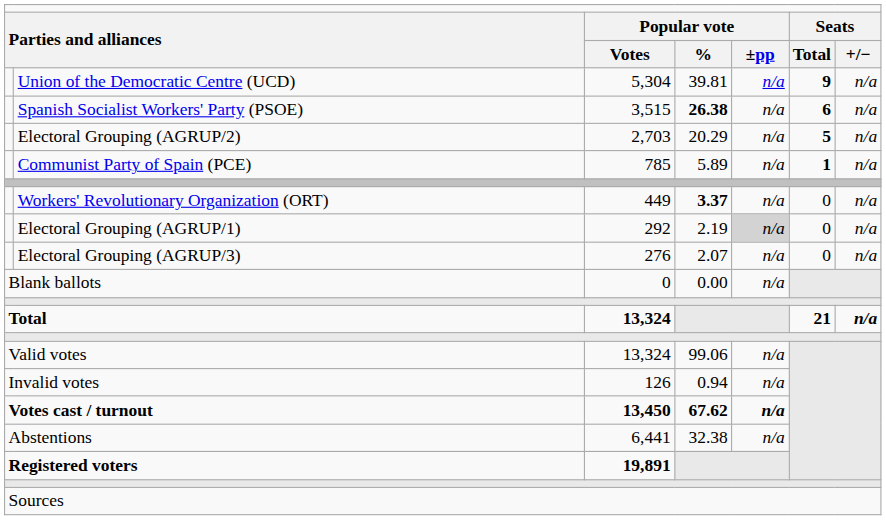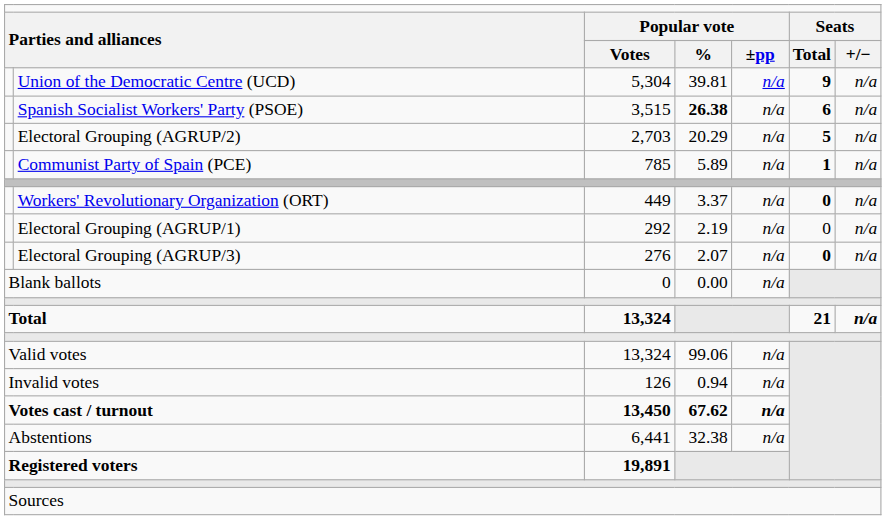 <table class="wikitable" style="text-align:right;">
 <tr>
 <td colspan="7"></td>
 </tr>
 <tr>
 <th style="text-align:left;" rowspan="2" colspan="2" width="525">Parties and alliances</th>
 <th colspan="3">Popular vote</th>
 <th colspan="2">Seats</th>
 </tr>
 <tr>
 <th width="75">Votes</th>
 <th width="45">%</th>
 <th width="45">±<a href='#'>pp</a></th>
 <th width="35">Total</th>
 <th width="35">+/−</th>
 </tr>
 <tr>
 <td width="1" style="color:inherit;background:"></td>
 <td align="left"><a href='#'>Union of the Democratic Centre</a> (UCD)</td>
 <td>5,304</td>
 <td>39.81</td>
 <td><em><a href='#'>n/a</a></em></td>
 <td><strong>9</strong></td>
 <td><em>n/a</em></td>
 </tr>
 <tr>
 <td style="color:inherit;background:"></td>
 <td align="left"><a href='#'>Spanish Socialist Workers' Party</a> (PSOE)</td>
 <td>3,515</td>
 <td><strong>26.38</strong></td>
 <td><em>n/a</em></td>
 <td><strong>6</strong></td>
 <td><em>n/a</em></td>
 </tr>
 <tr>
 <td style="color:inherit;background:"></td>
 <td align="left">Electoral Grouping (AGRUP/2)</td>
 <td>2,703</td>
 <td>20.29</td>
 <td><em>n/a</em></td>
 <td><strong>5</strong></td>
 <td><em>n/a</em></td>
 </tr>
 <tr>
 <td style="color:inherit;background:"></td>
 <td align="left"><a href='#'>Communist Party of Spain</a> (PCE)</td>
 <td>785</td>
 <td>5.89</td>
 <td><em>n/a</em></td>
 <td><strong>1</strong></td>
 <td><em>n/a</em></td>
 </tr>
 <tr>
 <td colspan="7" bgcolor="#C0C0C0"></td>
 </tr>
 <tr>
 <td style="color:inherit;background:"></td>
 <td align="left"><a href='#'>Workers' Revolutionary Organization</a> (ORT)</td>
 <td>449</td>
-<td><strong>3.37</strong></td>
+<td>3.37</td>
 <td><em>n/a</em></td>
-<td>0</td>
+<td><strong>0</strong></td>
 <td><em>n/a</em></td>
 </tr>
 <tr>
 <td style="color:inherit;background:"></td>
 <td align="left">Electoral Grouping (AGRUP/1)</td>
 <td>292</td>
 <td>2.19</td>
-<td style="background: lightgrey;"><em>n/a</em></td>
+<td><em>n/a</em></td>
 <td>0</td>
 <td><em>n/a</em></td>
 </tr>
 <tr>
 <td style="color:inherit;background:"></td>
 <td align="left">Electoral Grouping (AGRUP/3)</td>
 <td>276</td>
 <td>2.07</td>
 <td><em>n/a</em></td>
-<td>0</td>
+<td><strong>0</strong></td>
 <td><em>n/a</em></td>
 </tr>
 <tr>
 <td align="left" colspan="2">Blank ballots</td>
 <td>0</td>
 <td>0.00</td>
 <td><em>n/a</em></td>
 <td bgcolor="#E9E9E9" colspan="2"></td>
 </tr>
 <tr>
 <td colspan="7" bgcolor="#E9E9E9"></td>
 </tr>
 <tr style="font-weight:bold;">
 <td align="left" colspan="2">Total</td>
 <td>13,324</td>
 <td bgcolor="#E9E9E9" colspan="2"></td>
 <td>21</td>
 <td><em>n/a</em></td>
 </tr>
 <tr>
 <td colspan="7" bgcolor="#E9E9E9"></td>
 </tr>
 <tr>
 <td align="left" colspan="2">Valid votes</td>
 <td>13,324</td>
 <td>99.06</td>
 <td><em>n/a</em></td>
 <td bgcolor="#E9E9E9" colspan="2" rowspan="5"></td>
 </tr>
 <tr>
 <td align="left" colspan="2">Invalid votes</td>
 <td>126</td>
 <td>0.94</td>
 <td><em>n/a</em></td>
 </tr>
 <tr style="font-weight:bold;">
 <td align="left" colspan="2">Votes cast / turnout</td>
 <td>13,450</td>
 <td>67.62</td>
 <td><em>n/a</em></td>
 </tr>
 <tr>
 <td align="left" colspan="2">Abstentions</td>
 <td>6,441</td>
 <td>32.38</td>
 <td><em>n/a</em></td>
 </tr>
 <tr style="font-weight:bold;">
 <td align="left" colspan="2">Registered voters</td>
 <td>19,891</td>
 <td bgcolor="#E9E9E9" colspan="2"></td>
 </tr>
 <tr>
 <td colspan="7" bgcolor="#E9E9E9"></td>
 </tr>
 <tr>
 <td align="left" colspan="7">Sources</td>
 </tr>
 </table>
